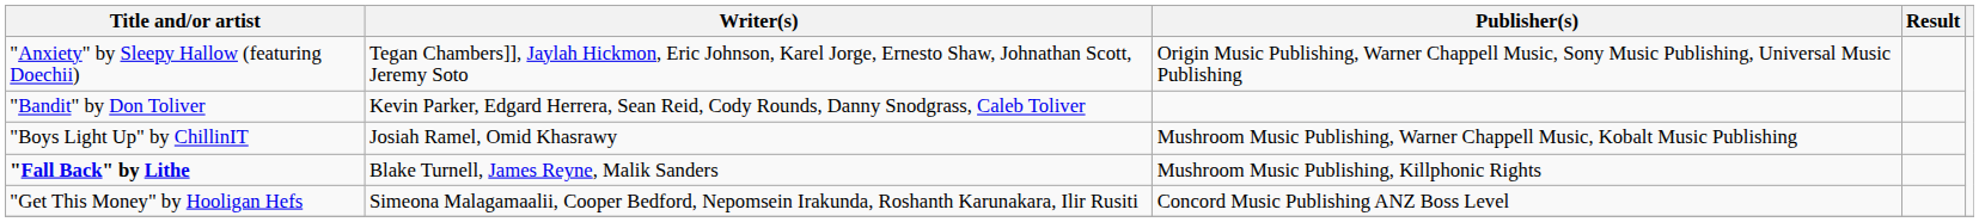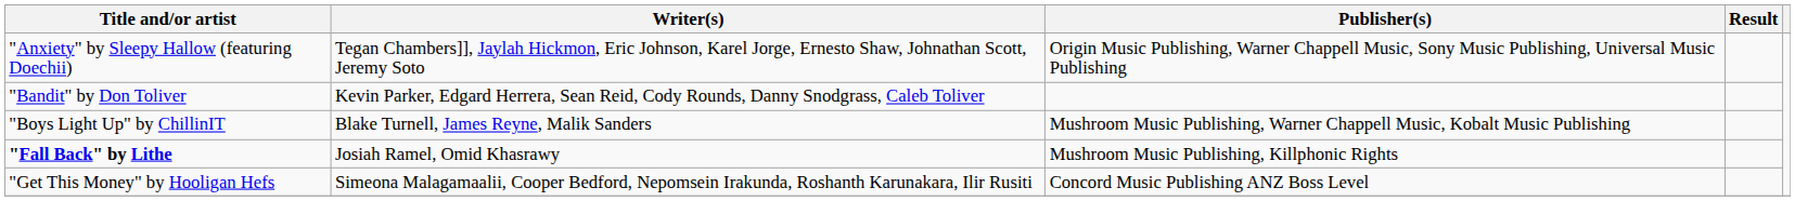 <table class="wikitable" width=100%>
 <tr>
 <th scope="col">Title and/or artist</th>
 <th scope="col">Writer(s)</th>
 <th scope="col">Publisher(s)</th>
 <th scope="col">Result</th>
 <th scope="col"></th>
 </tr>
 <tr>
 <td>"<a href='#'>Anxiety</a>" by <a href='#'>Sleepy Hallow</a> (featuring <a href='#'>Doechii</a>)</td>
 <td>Tegan Chambers]], <a href='#'>Jaylah Hickmon</a>, Eric Johnson, Karel Jorge, Ernesto Shaw, Johnathan Scott, Jeremy Soto</td>
 <td>Origin Music Publishing, Warner Chappell Music, Sony Music Publishing, Universal Music Publishing</td>
 <td></td>
 <td rowspan="5"></td>
 </tr>
 <tr>
 <td>"<a href='#'>Bandit</a>" by <a href='#'>Don Toliver</a></td>
 <td>Kevin Parker, Edgard Herrera, Sean Reid, Cody Rounds, Danny Snodgrass, <a href='#'>Caleb Toliver</a></td>
 <td></td>
 <td></td>
 </tr>
 <tr>
 <td>"Boys Light Up" by <a href='#'>ChillinIT</a></td>
-<td>Josiah Ramel, Omid Khasrawy</td>
+<td>Blake Turnell, <a href='#'>James Reyne</a>, Malik Sanders</td>
 <td>Mushroom Music Publishing, Warner Chappell Music, Kobalt Music Publishing</td>
 <td></td>
 </tr>
 <tr>
 <td><strong>"<a href='#'>Fall Back</a>" by <a href='#'>Lithe</a></strong></td>
-<td>Blake Turnell, <a href='#'>James Reyne</a>, Malik Sanders</td>
+<td>Josiah Ramel, Omid Khasrawy</td>
 <td>Mushroom Music Publishing, Killphonic Rights</td>
 <td></td>
 </tr>
 <tr>
 <td>"Get This Money" by <a href='#'>Hooligan Hefs</a></td>
 <td>Simeona Malagamaalii, Cooper Bedford, Nepomsein Irakunda,  Roshanth Karunakara, Ilir Rusiti</td>
 <td>Concord Music Publishing ANZ  Boss Level</td>
 <td></td>
 </tr>
 <tr>
 </tr>
 </table>
